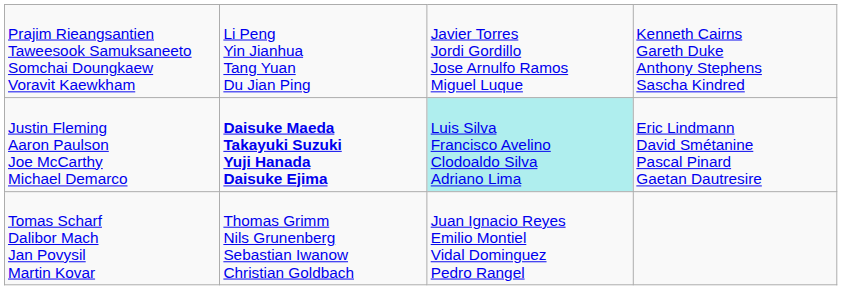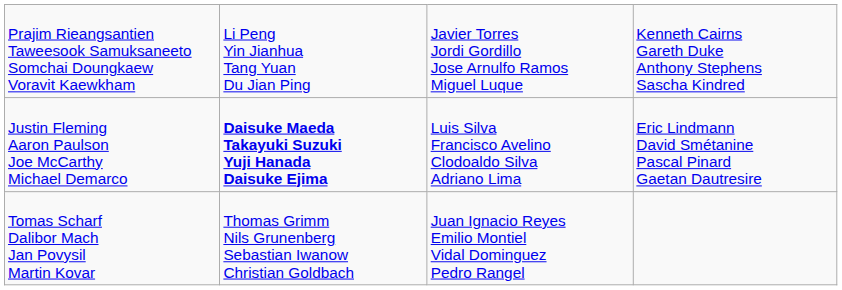 <table class="wikitable">
 <tr>
 <td style="vertical-align:top; width:18em"><br><a href='#'>Prajim Rieangsantien</a><br><a href='#'>Taweesook Samuksaneeto</a><br><a href='#'>Somchai Doungkaew</a><br><a href='#'>Voravit Kaewkham</a></td>
 <td style="vertical-align:top; width:18em"><br><a href='#'>Li Peng</a><br><a href='#'>Yin Jianhua</a><br><a href='#'>Tang Yuan</a><br><a href='#'>Du Jian Ping</a></td>
 <td style="vertical-align:top; width:18em"><br><a href='#'>Javier Torres</a><br><a href='#'>Jordi Gordillo</a><br><a href='#'>Jose Arnulfo Ramos</a><br><a href='#'>Miguel Luque</a></td>
 <td style="vertical-align:top; width:18em"><br><a href='#'>Kenneth Cairns</a><br><a href='#'>Gareth Duke</a><br><a href='#'>Anthony Stephens</a><br><a href='#'>Sascha Kindred</a></td>
 </tr>
 <tr>
 <td style="vertical-align:top; width:18em"><br><a href='#'>Justin Fleming</a><br><a href='#'>Aaron Paulson</a><br><a href='#'>Joe McCarthy</a><br><a href='#'>Michael Demarco</a></td>
 <td style="vertical-align:top; width:18em"><strong><br><a href='#'>Daisuke Maeda</a><br><a href='#'>Takayuki Suzuki</a><br><a href='#'>Yuji Hanada</a><br><a href='#'>Daisuke Ejima</a></strong></td>
-<td style="background: paleturquoise; vertical-align:top; width:18em"><br><a href='#'>Luis Silva</a><br><a href='#'>Francisco Avelino</a><br><a href='#'>Clodoaldo Silva</a><br><a href='#'>Adriano Lima</a></td>
+<td style="vertical-align:top; width:18em"><br><a href='#'>Luis Silva</a><br><a href='#'>Francisco Avelino</a><br><a href='#'>Clodoaldo Silva</a><br><a href='#'>Adriano Lima</a></td>
 <td style="vertical-align:top; width:18em"><br><a href='#'>Eric Lindmann</a><br><a href='#'>David Smétanine</a><br><a href='#'>Pascal Pinard</a><br><a href='#'>Gaetan Dautresire</a></td>
 </tr>
 <tr>
 <td style="vertical-align:top; width:18em"><br><a href='#'>Tomas Scharf</a><br><a href='#'>Dalibor Mach</a><br><a href='#'>Jan Povysil</a><br><a href='#'>Martin Kovar</a></td>
 <td style="vertical-align:top; width:18em"><br><a href='#'>Thomas Grimm</a><br><a href='#'>Nils Grunenberg</a><br><a href='#'>Sebastian Iwanow</a><br><a href='#'>Christian Goldbach</a></td>
 <td style="vertical-align:top; width:18em"><br><a href='#'>Juan Ignacio Reyes</a><br><a href='#'>Emilio Montiel</a><br><a href='#'>Vidal Dominguez</a><br><a href='#'>Pedro Rangel</a></td>
 </tr>
 </table>
